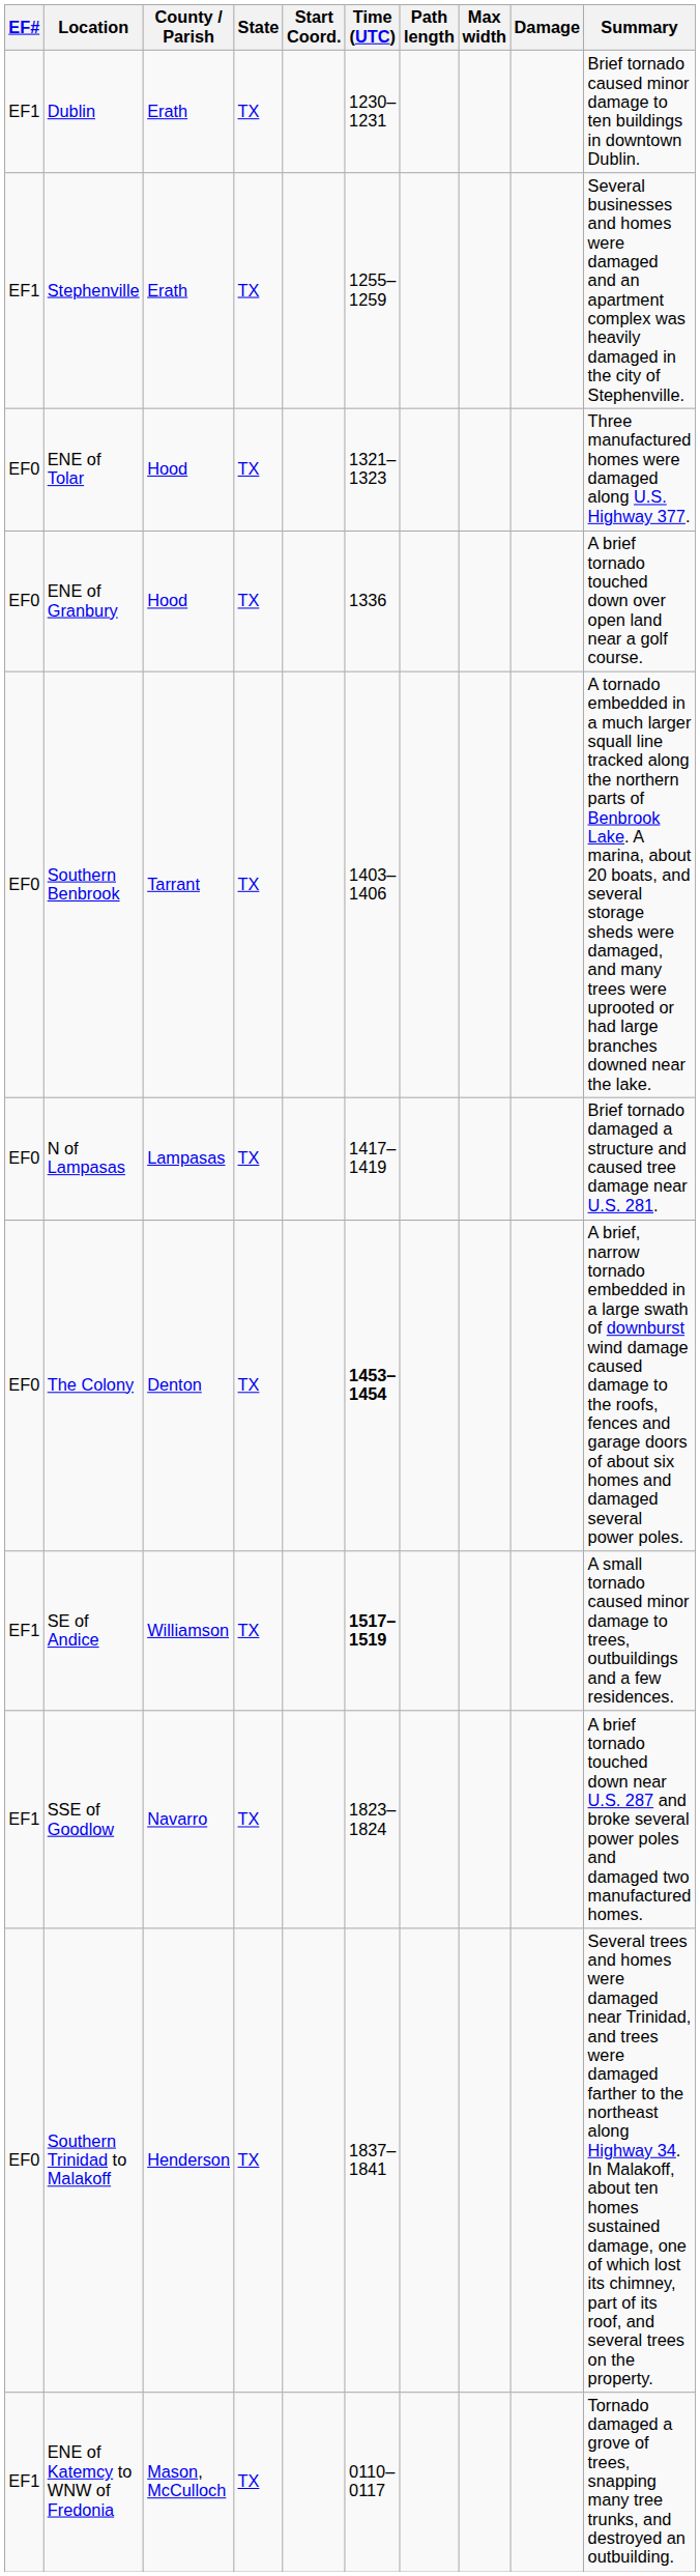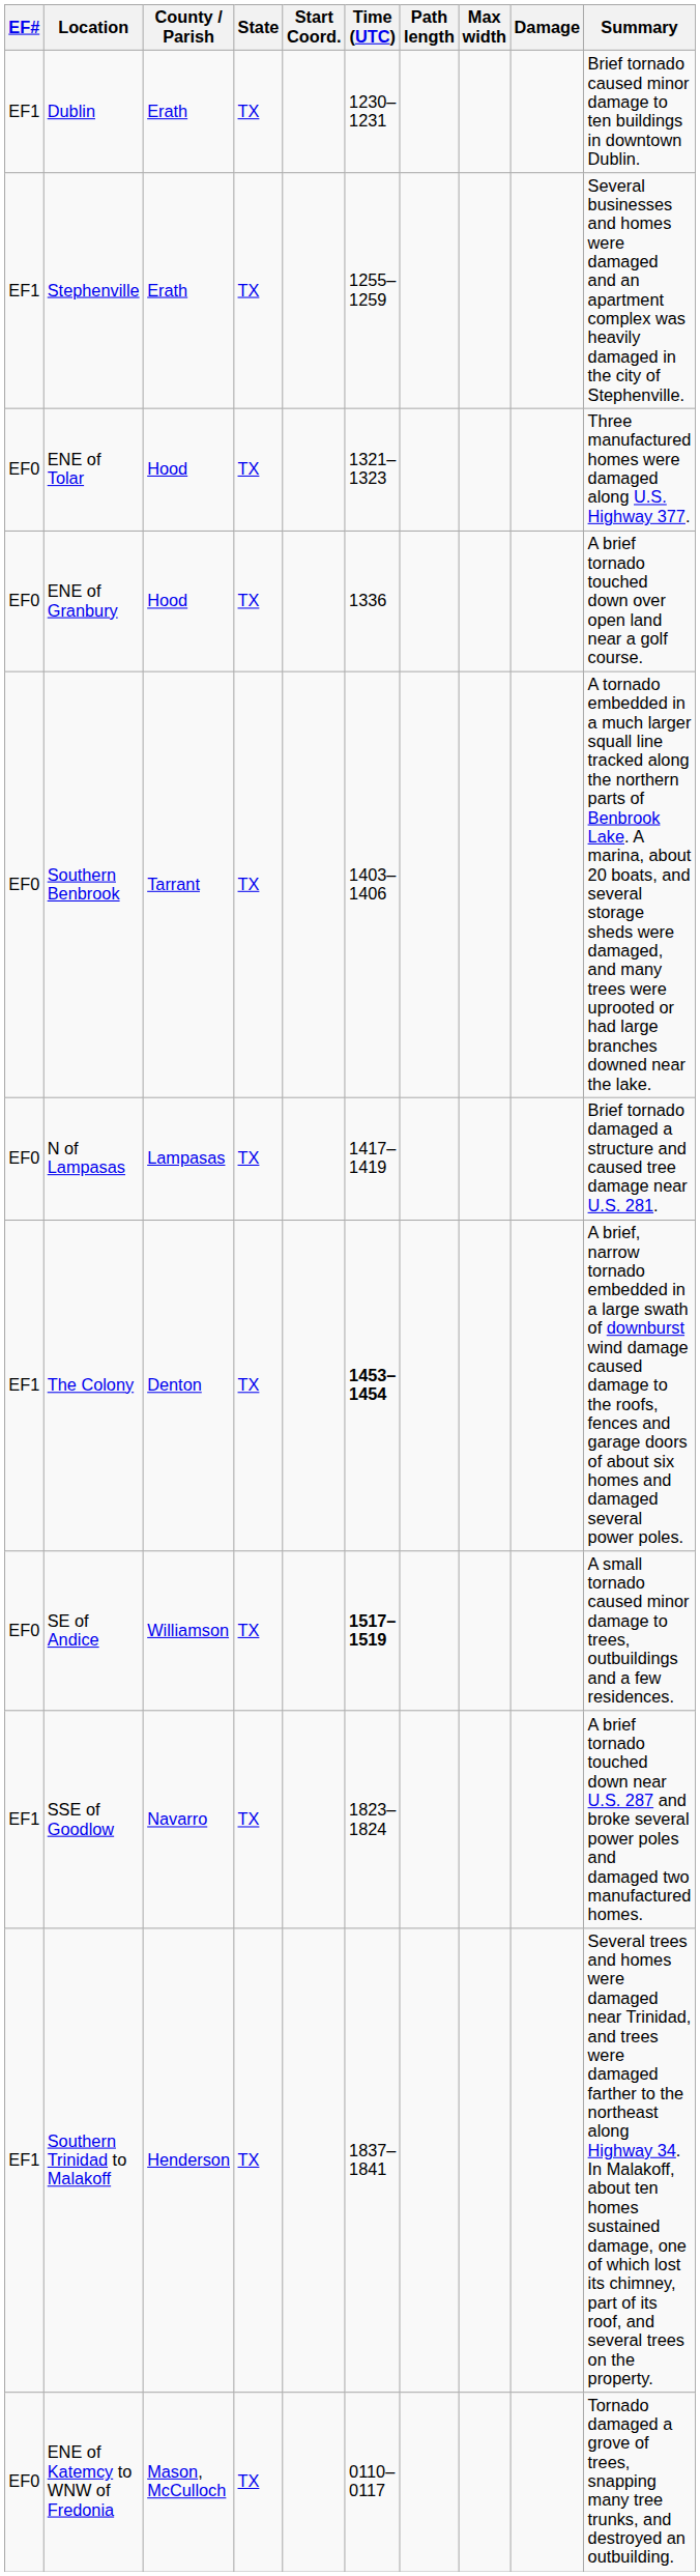 <table class="wikitable sortable" style="width:100%;">
 <tr>
 <th scope="col"  style="width:3%; text-align:center;"><a href='#'>EF#</a></th>
 <th scope="col"  style="width:7%; text-align:center;" class="unsortable">Location</th>
 <th scope="col"  style="width:6%; text-align:center;" class="unsortable">County / Parish</th>
 <th scope="col"  style="width:5%; text-align:center;">State</th>
 <th scope="col"  style="width:6%; text-align:center;">Start Coord.</th>
 <th scope="col"  style="width:6%; text-align:center;">Time (<a href='#'>UTC</a>)</th>
 <th scope="col"  style="width:6%; text-align:center;">Path length</th>
 <th scope="col"  style="width:6%; text-align:center;">Max width</th>
 <th scope="col"  style="width:6%; text-align:center;">Damage</th>
 <th scope="col" class="unsortable" style="width:48%; text-align:center;">Summary</th>
 </tr>
 <tr>
 <td>EF1</td>
 <td><a href='#'>Dublin</a></td>
 <td><a href='#'>Erath</a></td>
 <td><a href='#'>TX</a></td>
 <td></td>
 <td>1230–1231</td>
 <td></td>
 <td></td>
 <td></td>
 <td>Brief tornado caused minor damage to ten buildings in downtown Dublin.</td>
 </tr>
 <tr>
 <td>EF1</td>
 <td><a href='#'>Stephenville</a></td>
 <td><a href='#'>Erath</a></td>
 <td><a href='#'>TX</a></td>
 <td></td>
 <td>1255–1259</td>
 <td></td>
 <td></td>
 <td></td>
 <td>Several businesses and homes were damaged and an apartment complex was heavily damaged in the city of Stephenville.</td>
 </tr>
 <tr>
 <td>EF0</td>
 <td>ENE of <a href='#'>Tolar</a></td>
 <td><a href='#'>Hood</a></td>
 <td><a href='#'>TX</a></td>
 <td></td>
 <td>1321–1323</td>
 <td></td>
 <td></td>
 <td></td>
 <td>Three manufactured homes were damaged along <a href='#'>U.S. Highway 377</a>.</td>
 </tr>
 <tr>
 <td>EF0</td>
 <td>ENE of <a href='#'>Granbury</a></td>
 <td><a href='#'>Hood</a></td>
 <td><a href='#'>TX</a></td>
 <td></td>
 <td>1336</td>
 <td></td>
 <td></td>
 <td></td>
 <td>A brief tornado touched down over open land near a golf course.</td>
 </tr>
 <tr>
 <td>EF0</td>
 <td><a href='#'>Southern Benbrook</a></td>
 <td><a href='#'>Tarrant</a></td>
 <td><a href='#'>TX</a></td>
 <td></td>
 <td>1403–1406</td>
 <td></td>
 <td></td>
 <td></td>
 <td>A tornado embedded in a much larger squall line tracked along the northern parts of <a href='#'>Benbrook Lake</a>. A marina, about 20 boats, and several storage sheds were damaged, and many trees were uprooted or had large branches downed near the lake.</td>
 </tr>
 <tr>
 <td>EF0</td>
 <td>N of <a href='#'>Lampasas</a></td>
 <td><a href='#'>Lampasas</a></td>
 <td><a href='#'>TX</a></td>
 <td></td>
 <td>1417–1419</td>
 <td></td>
 <td></td>
 <td></td>
 <td>Brief tornado damaged a structure and caused tree damage near <a href='#'>U.S. 281</a>.</td>
 </tr>
 <tr>
-<td>EF0</td>
+<td>EF1</td>
 <td><a href='#'>The Colony</a></td>
 <td><a href='#'>Denton</a></td>
 <td><a href='#'>TX</a></td>
 <td></td>
 <td><strong>1453–1454</strong></td>
 <td></td>
 <td></td>
 <td></td>
 <td>A brief, narrow tornado embedded in a large swath of <a href='#'>downburst</a> wind damage caused damage to the roofs, fences and garage doors of about six homes and damaged several power poles.</td>
 </tr>
 <tr>
-<td>EF1</td>
+<td>EF0</td>
 <td>SE of <a href='#'>Andice</a></td>
 <td><a href='#'>Williamson</a></td>
 <td><a href='#'>TX</a></td>
 <td></td>
 <td><strong>1517–1519</strong></td>
 <td></td>
 <td></td>
 <td></td>
 <td>A small tornado caused minor damage to trees, outbuildings and a few residences.</td>
 </tr>
 <tr>
 <td>EF1</td>
 <td>SSE of <a href='#'>Goodlow</a></td>
 <td><a href='#'>Navarro</a></td>
 <td><a href='#'>TX</a></td>
 <td></td>
 <td>1823–1824</td>
 <td></td>
 <td></td>
 <td></td>
 <td>A brief tornado touched down near <a href='#'>U.S. 287</a> and broke several power poles and damaged two manufactured homes.</td>
 </tr>
 <tr>
-<td>EF0</td>
+<td>EF1</td>
 <td><a href='#'>Southern Trinidad</a> to <a href='#'>Malakoff</a></td>
 <td><a href='#'>Henderson</a></td>
 <td><a href='#'>TX</a></td>
 <td></td>
 <td>1837–1841</td>
 <td></td>
 <td></td>
 <td></td>
 <td>Several trees and homes were damaged near Trinidad, and trees were damaged farther to the northeast along <a href='#'>Highway 34</a>. In Malakoff, about ten homes sustained damage, one of which lost its chimney, part of its roof, and several trees on the property.</td>
 </tr>
 <tr>
-<td>EF1</td>
+<td>EF0</td>
 <td>ENE of <a href='#'>Katemcy</a> to WNW of <a href='#'>Fredonia</a></td>
 <td><a href='#'>Mason</a>, <a href='#'>McCulloch</a></td>
 <td><a href='#'>TX</a></td>
 <td></td>
 <td>0110–0117</td>
 <td></td>
 <td></td>
 <td></td>
 <td>Tornado damaged a grove of trees, snapping many tree trunks, and destroyed an outbuilding.</td>
 </tr>
 </table>
